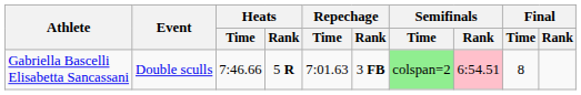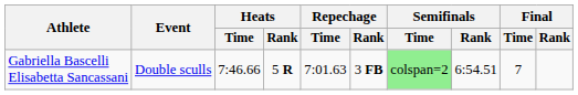 <table class="wikitable" style="font-size:90%;">
 <tr>
 <th rowspan="2">Athlete</th>
 <th rowspan="2">Event</th>
 <th colspan="2">Heats</th>
 <th colspan="2">Repechage</th>
 <th colspan="2">Semifinals</th>
 <th colspan="2">Final</th>
 </tr>
 <tr style="font-size:95%">
 <th>Time</th>
 <th>Rank</th>
 <th>Time</th>
 <th>Rank</th>
 <th>Time</th>
 <th>Rank</th>
 <th>Time</th>
 <th>Rank</th>
 </tr>
 <tr align=center>
 <td align=left><a href='#'>Gabriella Bascelli</a><br><a href='#'>Elisabetta Sancassani</a></td>
 <td align=left><a href='#'>Double sculls</a></td>
 <td>7:46.66</td>
 <td>5 <strong>R</strong></td>
 <td>7:01.63</td>
 <td>3 <strong>FB</strong></td>
 <td style="background: lightgreen;">colspan=2 </td>
-<td style="background: pink;">6:54.51</td>
-<td>8</td>
+<td>6:54.51</td>
+<td>7</td>
 </tr>
 </table>
